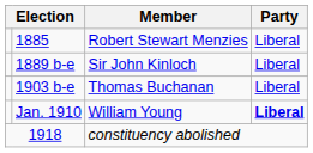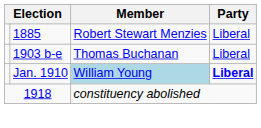 <table class="wikitable">
 <tr>
 <th colspan="2">Election</th>
 <th>Member</th>
 <th>Party</th>
 </tr>
 <tr>
 <td style="color:inherit;background-color: "></td>
 <td><a href='#'>1885</a></td>
 <td><a href='#'>Robert Stewart Menzies</a></td>
 <td><a href='#'>Liberal</a></td>
 </tr>
 <tr>
 <td style="color:inherit;background-color: "></td>
-<td><a href='#'>1889 b-e</a></td>
-<td><a href='#'>Sir John Kinloch</a></td>
-<td><a href='#'>Liberal</a></td>
-</tr>
-<tr>
-<td style="color:inherit;background-color: "></td>
 <td><a href='#'>1903 b-e</a></td>
 <td><a href='#'>Thomas Buchanan</a></td>
 <td><a href='#'>Liberal</a></td>
 </tr>
 <tr>
 <td style="color:inherit;background-color: "></td>
 <td><a href='#'>Jan. 1910</a></td>
-<td><a href='#'>William Young</a></td>
+<td style="background: lightblue;"><a href='#'>William Young</a></td>
 <td><strong><a href='#'>Liberal</a></strong></td>
 </tr>
 <tr>
 <td colspan="2" align="center"><a href='#'>1918</a></td>
 <td colspan="2"><em>constituency abolished</em></td>
 </tr>
 </table>
